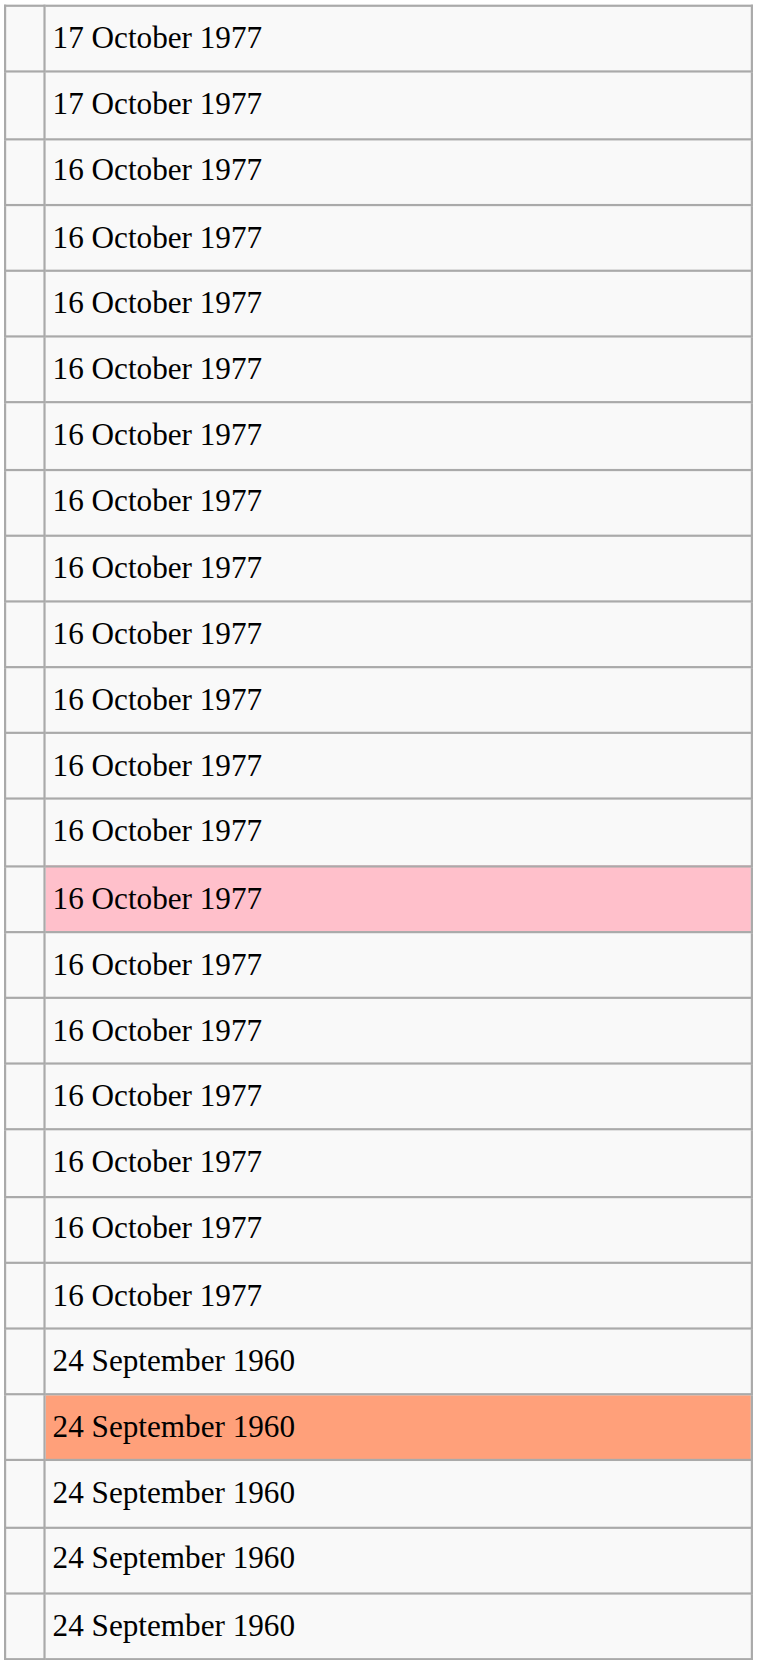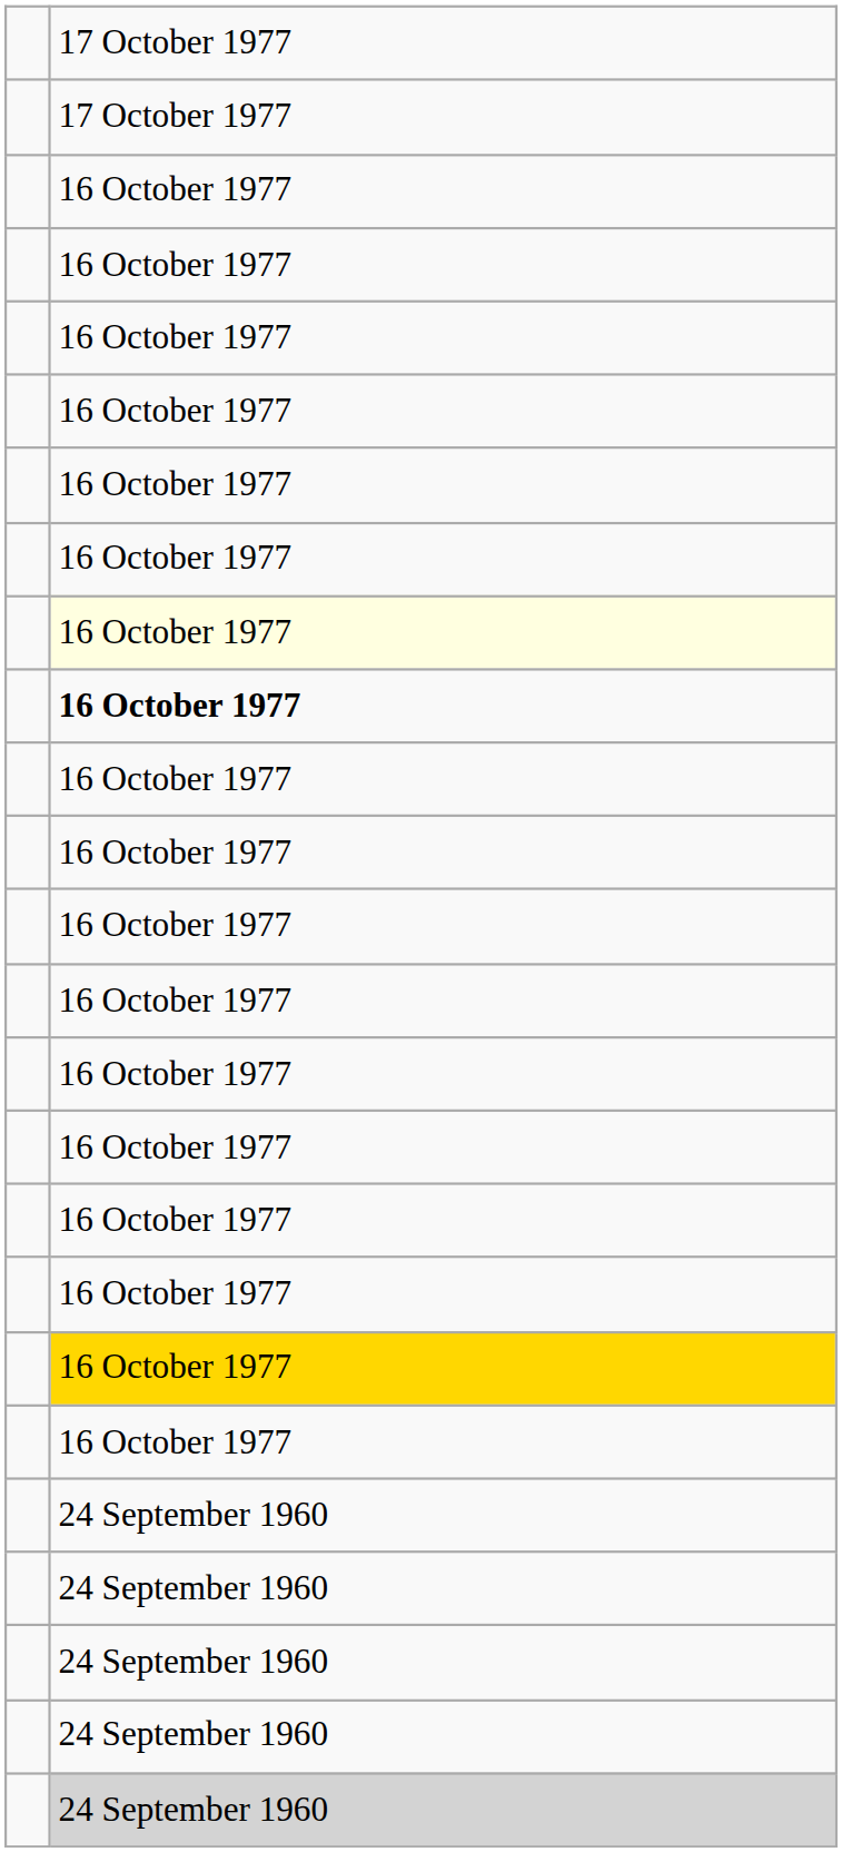 <table class="wikitable" style="font-size: 89%; float: left; width: 24em; margin-right: 1em; line-height: 1.65em">
 <tr>
 <td></td>
 <td>17 October 1977</td>
 </tr>
 <tr>
 <td></td>
 <td>17 October 1977</td>
 </tr>
 <tr>
 <td></td>
 <td>16 October 1977</td>
 </tr>
 <tr>
 <td></td>
 <td>16 October 1977</td>
 </tr>
 <tr>
 <td></td>
 <td>16 October 1977</td>
 </tr>
 <tr>
 <td></td>
 <td>16 October 1977</td>
 </tr>
 <tr>
 <td></td>
 <td>16 October 1977</td>
 </tr>
 <tr>
 <td></td>
 <td>16 October 1977</td>
 </tr>
 <tr>
 <td></td>
-<td>16 October 1977</td>
+<td style="background: lightyellow;">16 October 1977</td>
 </tr>
 <tr>
 <td></td>
-<td>16 October 1977</td>
-</tr>
-<tr>
-<td></td>
-<td>16 October 1977</td>
-</tr>
-<tr>
-<td></td>
-<td>16 October 1977</td>
-</tr>
-<tr>
-<td></td>
-<td>16 October 1977</td>
-</tr>
-<tr>
-<td></td>
-<td style="background: pink;">16 October 1977</td>
+<td><strong>16 October 1977</strong></td>
 </tr>
 <tr>
 <td></td>
 <td>16 October 1977</td>
 </tr>
 <tr>
 <td></td>
 <td>16 October 1977</td>
 </tr>
 <tr>
 <td></td>
 <td>16 October 1977</td>
 </tr>
 <tr>
 <td></td>
 <td>16 October 1977</td>
 </tr>
 <tr>
 <td></td>
 <td>16 October 1977</td>
 </tr>
 <tr>
 <td></td>
 <td>16 October 1977</td>
 </tr>
 <tr>
 <td></td>
-<td>24 September 1960</td>
+<td>16 October 1977</td>
 </tr>
 <tr>
 <td></td>
-<td style="background: lightsalmon;">24 September 1960</td>
+<td>16 October 1977</td>
+</tr>
+<tr>
+<td></td>
+<td style="background: gold;">16 October 1977</td>
+</tr>
+<tr>
+<td></td>
+<td>16 October 1977</td>
 </tr>
 <tr>
 <td></td>
 <td>24 September 1960</td>
 </tr>
 <tr>
 <td></td>
 <td>24 September 1960</td>
 </tr>
 <tr>
 <td></td>
 <td>24 September 1960</td>
 </tr>
+<tr>
+<td></td>
+<td>24 September 1960</td>
+</tr>
+<tr>
+<td></td>
+<td style="background: lightgrey;">24 September 1960</td>
+</tr>
 </table>
